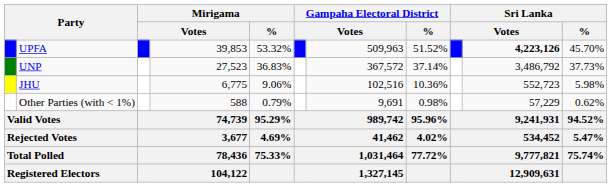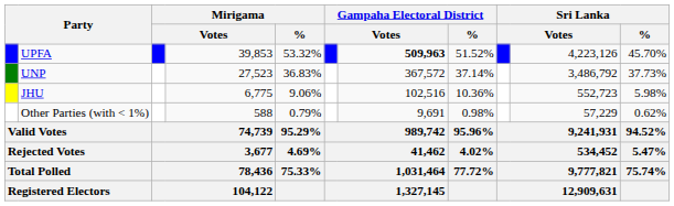 <table class="wikitable">
 <tr>
 <th colspan="2" width="144px"rowspan="2">Party</th>
 <th colspan="3" width="216px">Mirigama</th>
 <th colspan="3" width="216px"><a href='#'>Gampaha Electoral District</a></th>
 <th colspan="3" width="216px">Sri Lanka</th>
 </tr>
 <tr>
 <th colspan="2" width="144px">Votes</th>
 <th>%</th>
 <th colspan="2" width="144px">Votes</th>
 <th>%</th>
 <th colspan="2" width="144px">Votes</th>
 <th>%</th>
 </tr>
 <tr>
 <td style="background-color:blue;" width="10px"></td>
 <td style="text-align:left;"><a href='#'>UPFA</a></td>
 <td style="background-color:blue;" width="10px"></td>
 <td style="text-align:right;">39,853</td>
 <td style="text-align:right;">53.32%</td>
 <td style="background-color:blue;" width="10px"></td>
-<td style="text-align:right;">509,963</td>
+<td style="text-align:right;"><strong>509,963</strong></td>
 <td style="text-align:right;">51.52%</td>
 <td style="background-color:blue;" width="10px"></td>
-<td style="text-align:right;"><strong>4,223,126</strong></td>
+<td style="text-align:right;">4,223,126</td>
 <td style="text-align:right;">45.70%</td>
 </tr>
 <tr>
 <td style="background-color:green;" width="10px"></td>
 <td style="text-align:left;"><a href='#'>UNP</a></td>
 <td style="background-color:white;" width="10px"></td>
 <td style="text-align:right;">27,523</td>
 <td style="text-align:right;">36.83%</td>
 <td style="background-color:white;" width="10px"></td>
 <td style="text-align:right;">367,572</td>
 <td style="text-align:right;">37.14%</td>
 <td style="background-color:white;" width="10px"></td>
 <td style="text-align:right;">3,486,792</td>
 <td style="text-align:right;">37.73%</td>
 </tr>
 <tr>
 <td style="background-color:yellow;" width="10px"></td>
 <td style="text-align:left;"><a href='#'>JHU</a></td>
 <td style="background-color:white;" width="10px"></td>
 <td style="text-align:right;">6,775</td>
 <td style="text-align:right;">9.06%</td>
 <td style="background-color:white;" width="10px"></td>
 <td style="text-align:right;">102,516</td>
 <td style="text-align:right;">10.36%</td>
 <td style="background-color:white;" width="10px"></td>
 <td style="text-align:right;">552,723</td>
 <td style="text-align:right;">5.98%</td>
 </tr>
 <tr>
 <td style="background-color:white;" width="10px"></td>
 <td style="text-align:left;">Other Parties (with < 1%)</td>
 <td style="background-color:white;" width="10px"></td>
 <td style="text-align:right;">588</td>
 <td style="text-align:right;">0.79%</td>
 <td style="background-color:white;" width="10px"></td>
 <td style="text-align:right;">9,691</td>
 <td style="text-align:right;">0.98%</td>
 <td style="background-color:white;" width="10px"></td>
 <td style="text-align:right;">57,229</td>
 <td style="text-align:right;">0.62%</td>
 </tr>
 <tr>
 <th colspan="2" width="144px"style="text-align:left;">Valid Votes</th>
 <th style="text-align:right;"colspan="2" width="144px">74,739</th>
 <th style="text-align:right;">95.29%</th>
 <th style="text-align:right;"colspan="2" width="144px">989,742</th>
 <th style="text-align:right;">95.96%</th>
 <th style="text-align:right;"colspan="2" width="144px">9,241,931</th>
 <th style="text-align:right;">94.52%</th>
 </tr>
 <tr>
 <th colspan="2" width="144px"style="text-align:left;">Rejected Votes</th>
 <th style="text-align:right;"colspan="2" width="144px">3,677</th>
 <th style="text-align:right;">4.69%</th>
 <th style="text-align:right;"colspan="2" width="144px">41,462</th>
 <th style="text-align:right;">4.02%</th>
 <th style="text-align:right;"colspan="2" width="144px">534,452</th>
 <th style="text-align:right;">5.47%</th>
 </tr>
 <tr>
 <th colspan="2" width="144px"style="text-align:left;">Total Polled</th>
 <th style="text-align:right;"colspan="2" width="144px">78,436</th>
 <th style="text-align:right;">75.33%</th>
 <th style="text-align:right;"colspan="2" width="144px">1,031,464</th>
 <th style="text-align:right;">77.72%</th>
 <th style="text-align:right;"colspan="2" width="144px">9,777,821</th>
 <th style="text-align:right;">75.74%</th>
 </tr>
 <tr>
 <th colspan="2" width="144px"style="text-align:left;">Registered Electors</th>
 <th style="text-align:right;"colspan="2" width="144px">104,122</th>
 <th></th>
 <th style="text-align:right;"colspan="2" width="144px">1,327,145</th>
 <th></th>
 <th style="text-align:right;"colspan="2" width="144px">12,909,631</th>
 <th></th>
 </tr>
 </table>
